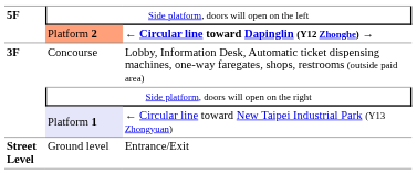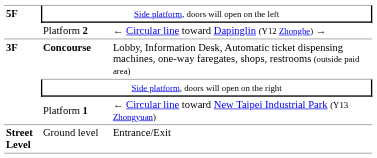 <table table border=0 cellspacing=0 cellpadding=3>
 <tr>
 <td style="border-bottom:solid 1px gray;" valign=top></td>
 <td style="border-bottom:solid 1px gray;"></td>
 <td style="border-bottom:solid 1px gray;"></td>
 </tr>
 <tr>
 <td style="border-bottom:solid 1px gray;" rowspan=2 valign=top><strong>5F</strong></td>
 <td style="border-right:solid 2px black;border-left:solid 2px black;border-bottom:solid 2px black;border-top:solid 0px gray;text-align:center;" colspan=2><small><a href='#'>Side platform</a>, doors will open on the left</small></td>
 </tr>
 <tr>
-<td style="background: lightsalmon; border-bottom:solid 1px gray;" width=100>Platform <span><strong>2</strong></span></td>
-<td style="border-bottom:solid 1px gray;" width=390><strong><span>←</span> <a href='#'>Circular line</a> toward <a href='#'>Dapinglin</a> <small>(Y12 <a href='#'>Zhonghe</a>)</small> →</strong></td>
+<td style="border-bottom:solid 1px gray;" width=100>Platform <span><strong>2</strong></span></td>
+<td style="border-bottom:solid 1px gray;" width=390><span>←</span> <a href='#'>Circular line</a> toward <a href='#'>Dapinglin</a> <small>(Y12 <a href='#'>Zhonghe</a>)</small> →</td>
 </tr>
 <tr>
 <td style="border-bottom:solid 1px gray;" rowspan=3 valign=top><strong>3F</strong></td>
-<td style="border-top:solid 0px gray;border-bottom:solid 1px gray;" width=100 valign=top>Concourse</td>
+<td style="border-top:solid 0px gray;border-bottom:solid 1px gray;" width=100 valign=top><strong>Concourse</strong></td>
 <td style="border-top:solid 0px gray;border-bottom:solid 1px gray;" width=390 valign=top>Lobby, Information Desk, Automatic ticket dispensing machines, one-way faregates, shops, restrooms<small> (outside paid area)</small></td>
 </tr>
 <tr>
 <td style="border-right:solid 2px black;border-left:solid 2px black;border-bottom:solid 2px black;border-top:solid 0px gray;text-align:center;" colspan=2><small><a href='#'>Side platform</a>, doors will open on the right</small></td>
 </tr>
 <tr>
-<td style="background: lavender; border-bottom:solid 1px gray;" width=100>Platform <span><strong>1</strong></span></td>
+<td style="border-bottom:solid 1px gray;" width=100>Platform <span><strong>1</strong></span></td>
 <td style="border-bottom:solid 1px gray;" width=390><span></span>←  <a href='#'>Circular line</a> toward <a href='#'>New Taipei Industrial Park</a> <small>(Y13 <a href='#'>Zhongyuan</a>)</small></td>
 </tr>
 <tr>
 <td style="border-bottom:solid 1px gray;" width=50 rowspan=10 valign=top><strong>Street Level</strong></td>
 </tr>
 <tr>
 <td style="border-bottom:solid 1px gray;" rowspan=2 valign=top>Ground level</td>
 <td style="border-bottom:solid 1px gray;" rowspan=50 valign=top>Entrance/Exit</td>
 </tr>
 </table>
